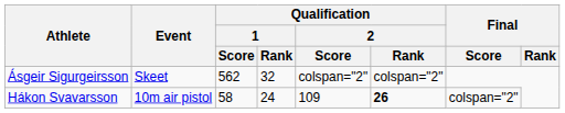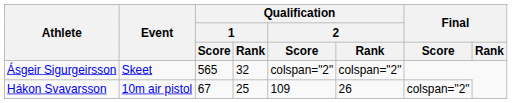 <table class="wikitable">
 <tr>
 <th rowspan="3">Athlete</th>
 <th rowspan="3">Event</th>
 <th colspan="4">Qualification</th>
 <th colspan="2" rowspan="2">Final</th>
 </tr>
 <tr>
 <th colspan="2">1</th>
 <th colspan="2">2</th>
 </tr>
 <tr>
 <th>Score</th>
 <th>Rank</th>
 <th>Score</th>
 <th>Rank</th>
 <th>Score</th>
 <th>Rank</th>
 </tr>
 <tr>
 <td><a href='#'>Ásgeir Sigurgeirsson</a></td>
 <td><a href='#'>Skeet</a></td>
-<td>562</td>
+<td>565</td>
 <td>32</td>
 <td>colspan="2" </td>
 <td>colspan="2" </td>
 </tr>
 <tr>
 <td><a href='#'>Hákon Svavarsson</a></td>
 <td><a href='#'>10m air pistol</a></td>
-<td>58</td>
-<td>24</td>
+<td>67</td>
+<td>25</td>
 <td>109</td>
-<td><strong>26</strong></td>
+<td>26</td>
 <td>colspan="2" </td>
 </tr>
 </table>
